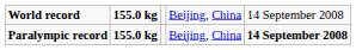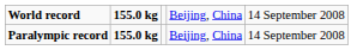 <table class="wikitable">
 <tr>
 <td><strong>World record</strong></td>
 <td><strong>155.0 kg</strong></td>
 <td></td>
 <td><a href='#'>Beijing</a>, <a href='#'>China</a></td>
 <td>14 September 2008</td>
 </tr>
 <tr>
 <td><strong>Paralympic record</strong></td>
 <td><strong>155.0 kg</strong></td>
 <td></td>
 <td><a href='#'>Beijing</a>, <a href='#'>China</a></td>
-<td><strong>14 September 2008</strong></td>
+<td>14 September 2008</td>
 </tr>
 </table>
